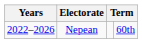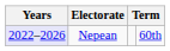 <table class="wikitable" style="float: right">
 <tr style="font-size: 96%;">
 <th>Years</th>
 <th>Electorate</th>
 <th colspan=2>Term</th>
 </tr>
 <tr>
-<td align=center><a href='#'>2022</a>–<a href='#'>2026</a></td>
+<td align=center style="background: lavender;"><a href='#'>2022</a>–<a href='#'>2026</a></td>
 <td align=center><a href='#'>Nepean</a></td>
 <td> </td>
 <td align=center><a href='#'>60th</a></td>
 </tr>
 </table>
